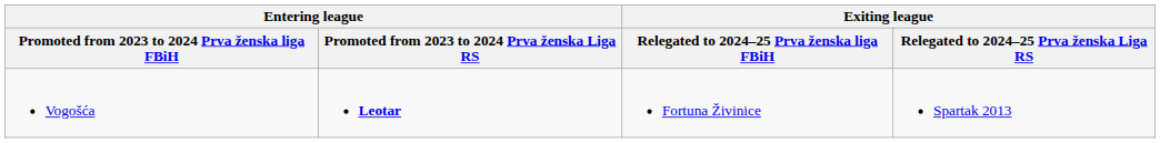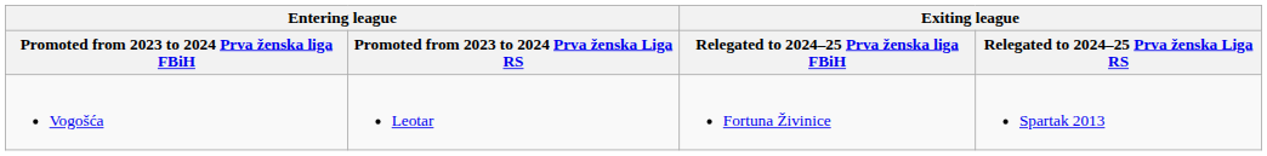 <table class="wikitable">
 <tr>
 <th colspan=2>Entering league</th>
 <th colspan=2>Exiting league</th>
 </tr>
 <tr>
 <th>Promoted from 2023 to 2024 <a href='#'>Prva ženska liga FBiH</a></th>
 <th>Promoted from 2023 to 2024 <a href='#'>Prva ženska Liga RS</a></th>
 <th>Relegated to 2024–25 <a href='#'>Prva ženska liga FBiH</a></th>
 <th>Relegated to 2024–25 <a href='#'>Prva ženska Liga RS</a></th>
 </tr>
 <tr style="vertical-align:top;">
 <td><br><ul><li><a href='#'>Vogošća</a></li></ul></td>
-<td><strong><br><ul><li><a href='#'>Leotar</a></li></ul></strong></td>
+<td><br><ul><li><a href='#'>Leotar</a></li></ul></td>
 <td><br><ul><li><a href='#'>Fortuna Živinice</a></li></ul></td>
 <td><br><ul><li><a href='#'>Spartak 2013</a></li></ul></td>
 </tr>
 </table>
